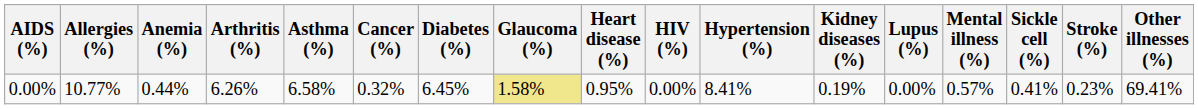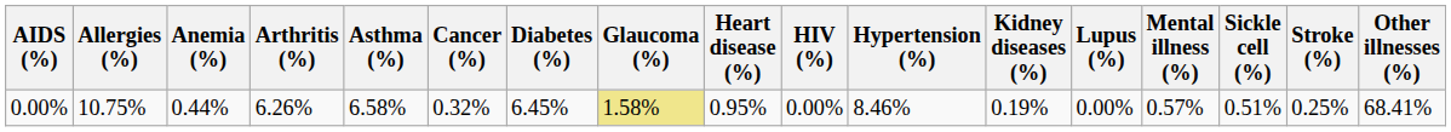 <table class="wikitable">
 <tr>
 <th>AIDS (%)</th>
 <th>Allergies (%)</th>
 <th>Anemia (%)</th>
 <th>Arthritis (%)</th>
 <th>Asthma (%)</th>
 <th>Cancer (%)</th>
 <th>Diabetes (%)</th>
 <th>Glaucoma (%)</th>
 <th>Heart disease (%)</th>
 <th>HIV (%)</th>
 <th>Hypertension (%)</th>
 <th>Kidney diseases (%)</th>
 <th>Lupus (%)</th>
 <th>Mental illness (%)</th>
 <th>Sickle cell (%)</th>
 <th>Stroke (%)</th>
 <th>Other illnesses (%)</th>
 </tr>
 <tr>
 <td>0.00%</td>
-<td>10.77%</td>
+<td>10.75%</td>
 <td>0.44%</td>
 <td>6.26%</td>
 <td>6.58%</td>
 <td>0.32%</td>
 <td>6.45%</td>
 <td style="background: khaki;">1.58%</td>
 <td>0.95%</td>
 <td>0.00%</td>
-<td>8.41%</td>
+<td>8.46%</td>
 <td>0.19%</td>
 <td>0.00%</td>
 <td>0.57%</td>
-<td>0.41%</td>
-<td>0.23%</td>
-<td>69.41%</td>
+<td>0.51%</td>
+<td>0.25%</td>
+<td>68.41%</td>
 </tr>
 </table>
